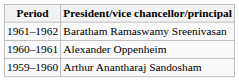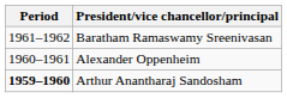 <table class="wikitable">
 <tr>
 <th>Period</th>
 <th>President/vice chancellor/principal</th>
 </tr>
 <tr>
 <td>1961–1962</td>
 <td>Baratham Ramaswamy Sreenivasan</td>
 </tr>
 <tr>
 <td>1960–1961</td>
 <td>Alexander Oppenheim</td>
 </tr>
 <tr>
-<td>1959–1960</td>
+<td><strong>1959–1960</strong></td>
 <td>Arthur Anantharaj Sandosham</td>
 </tr>
 </table>
